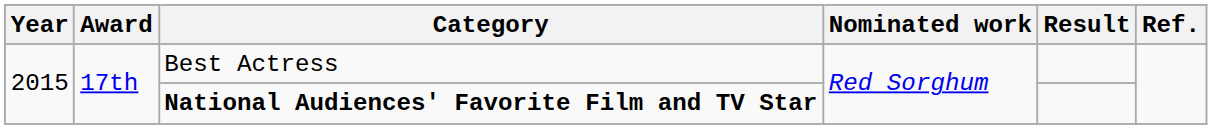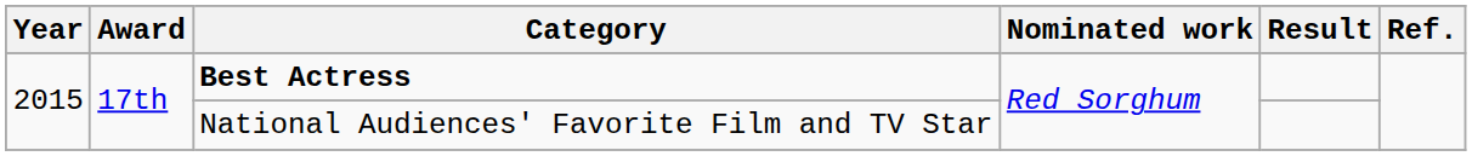 <table class="wikitable">
 <tr>
 <th>Year</th>
 <th>Award</th>
 <th>Category</th>
 <th>Nominated work</th>
 <th>Result</th>
 <th>Ref.</th>
 </tr>
 <tr>
 <td rowspan=2>2015</td>
 <td rowspan=2><a href='#'>17th</a></td>
-<td>Best Actress</td>
+<td><strong>Best Actress</strong></td>
 <td rowspan=2><em><a href='#'>Red Sorghum</a></em></td>
 <td></td>
 <td rowspan=2></td>
 </tr>
 <tr>
-<td><strong>National Audiences' Favorite Film and TV Star</strong></td>
+<td>National Audiences' Favorite Film and TV Star</td>
 <td></td>
 </tr>
 </table>
